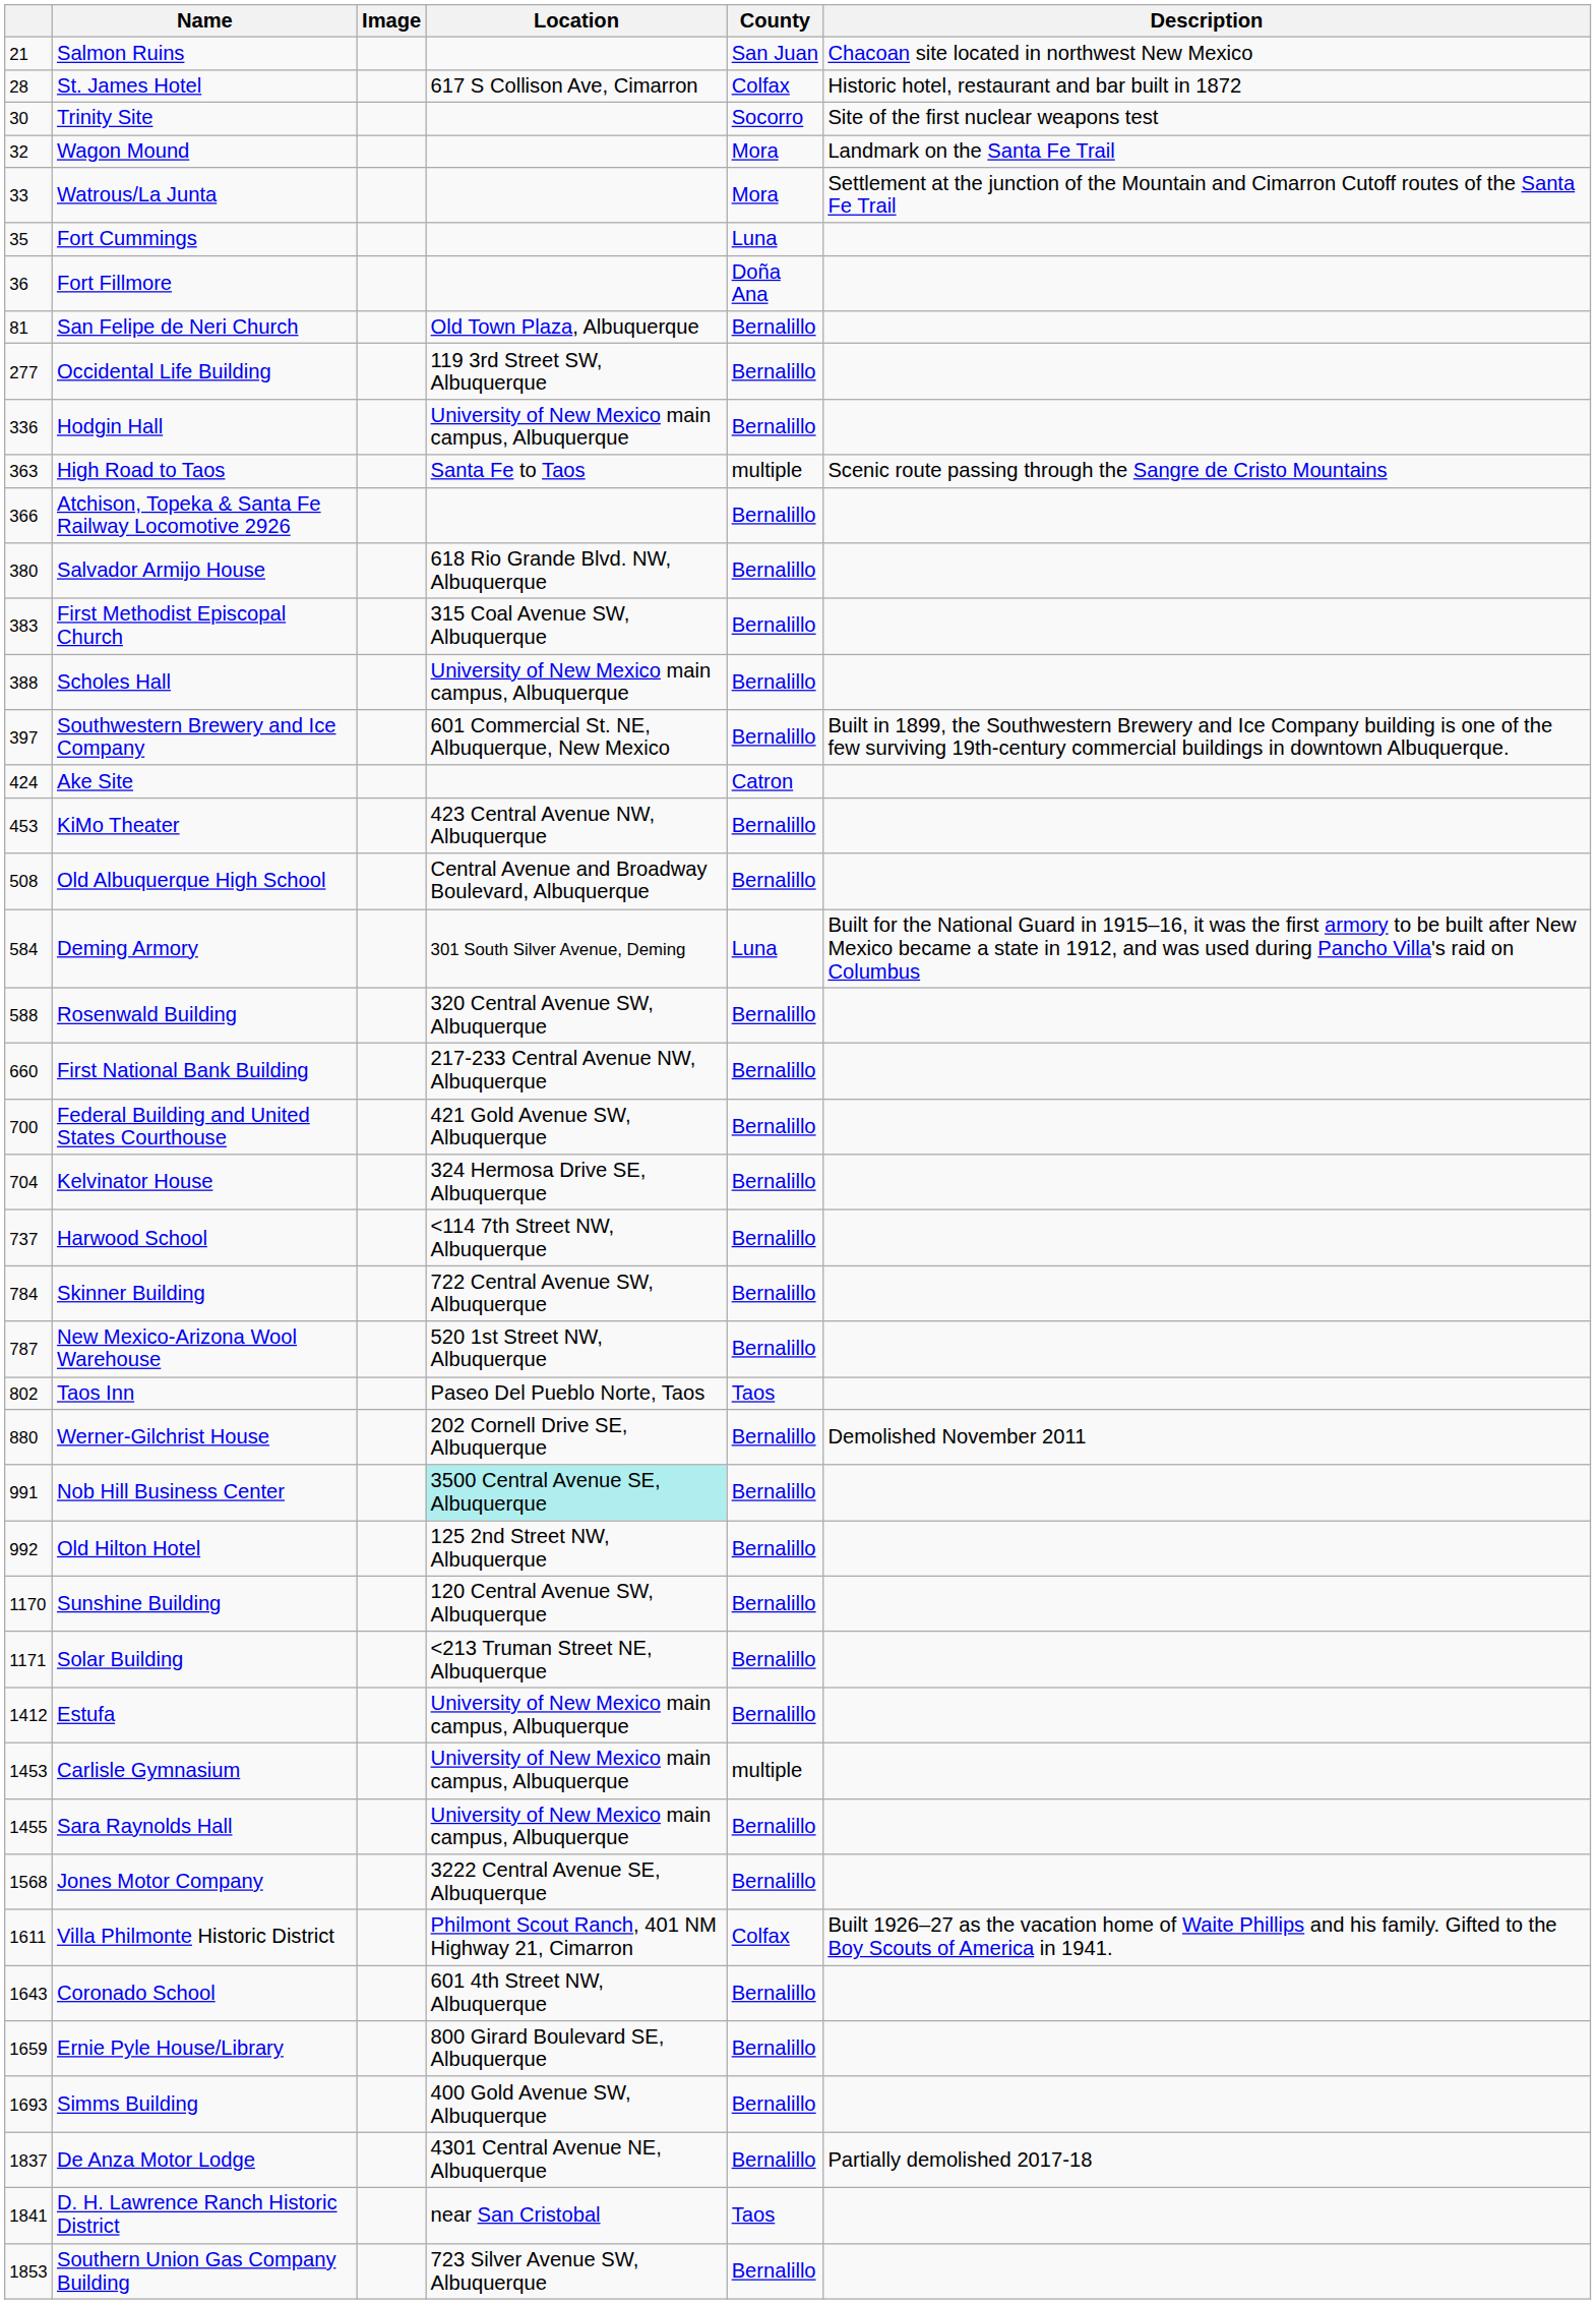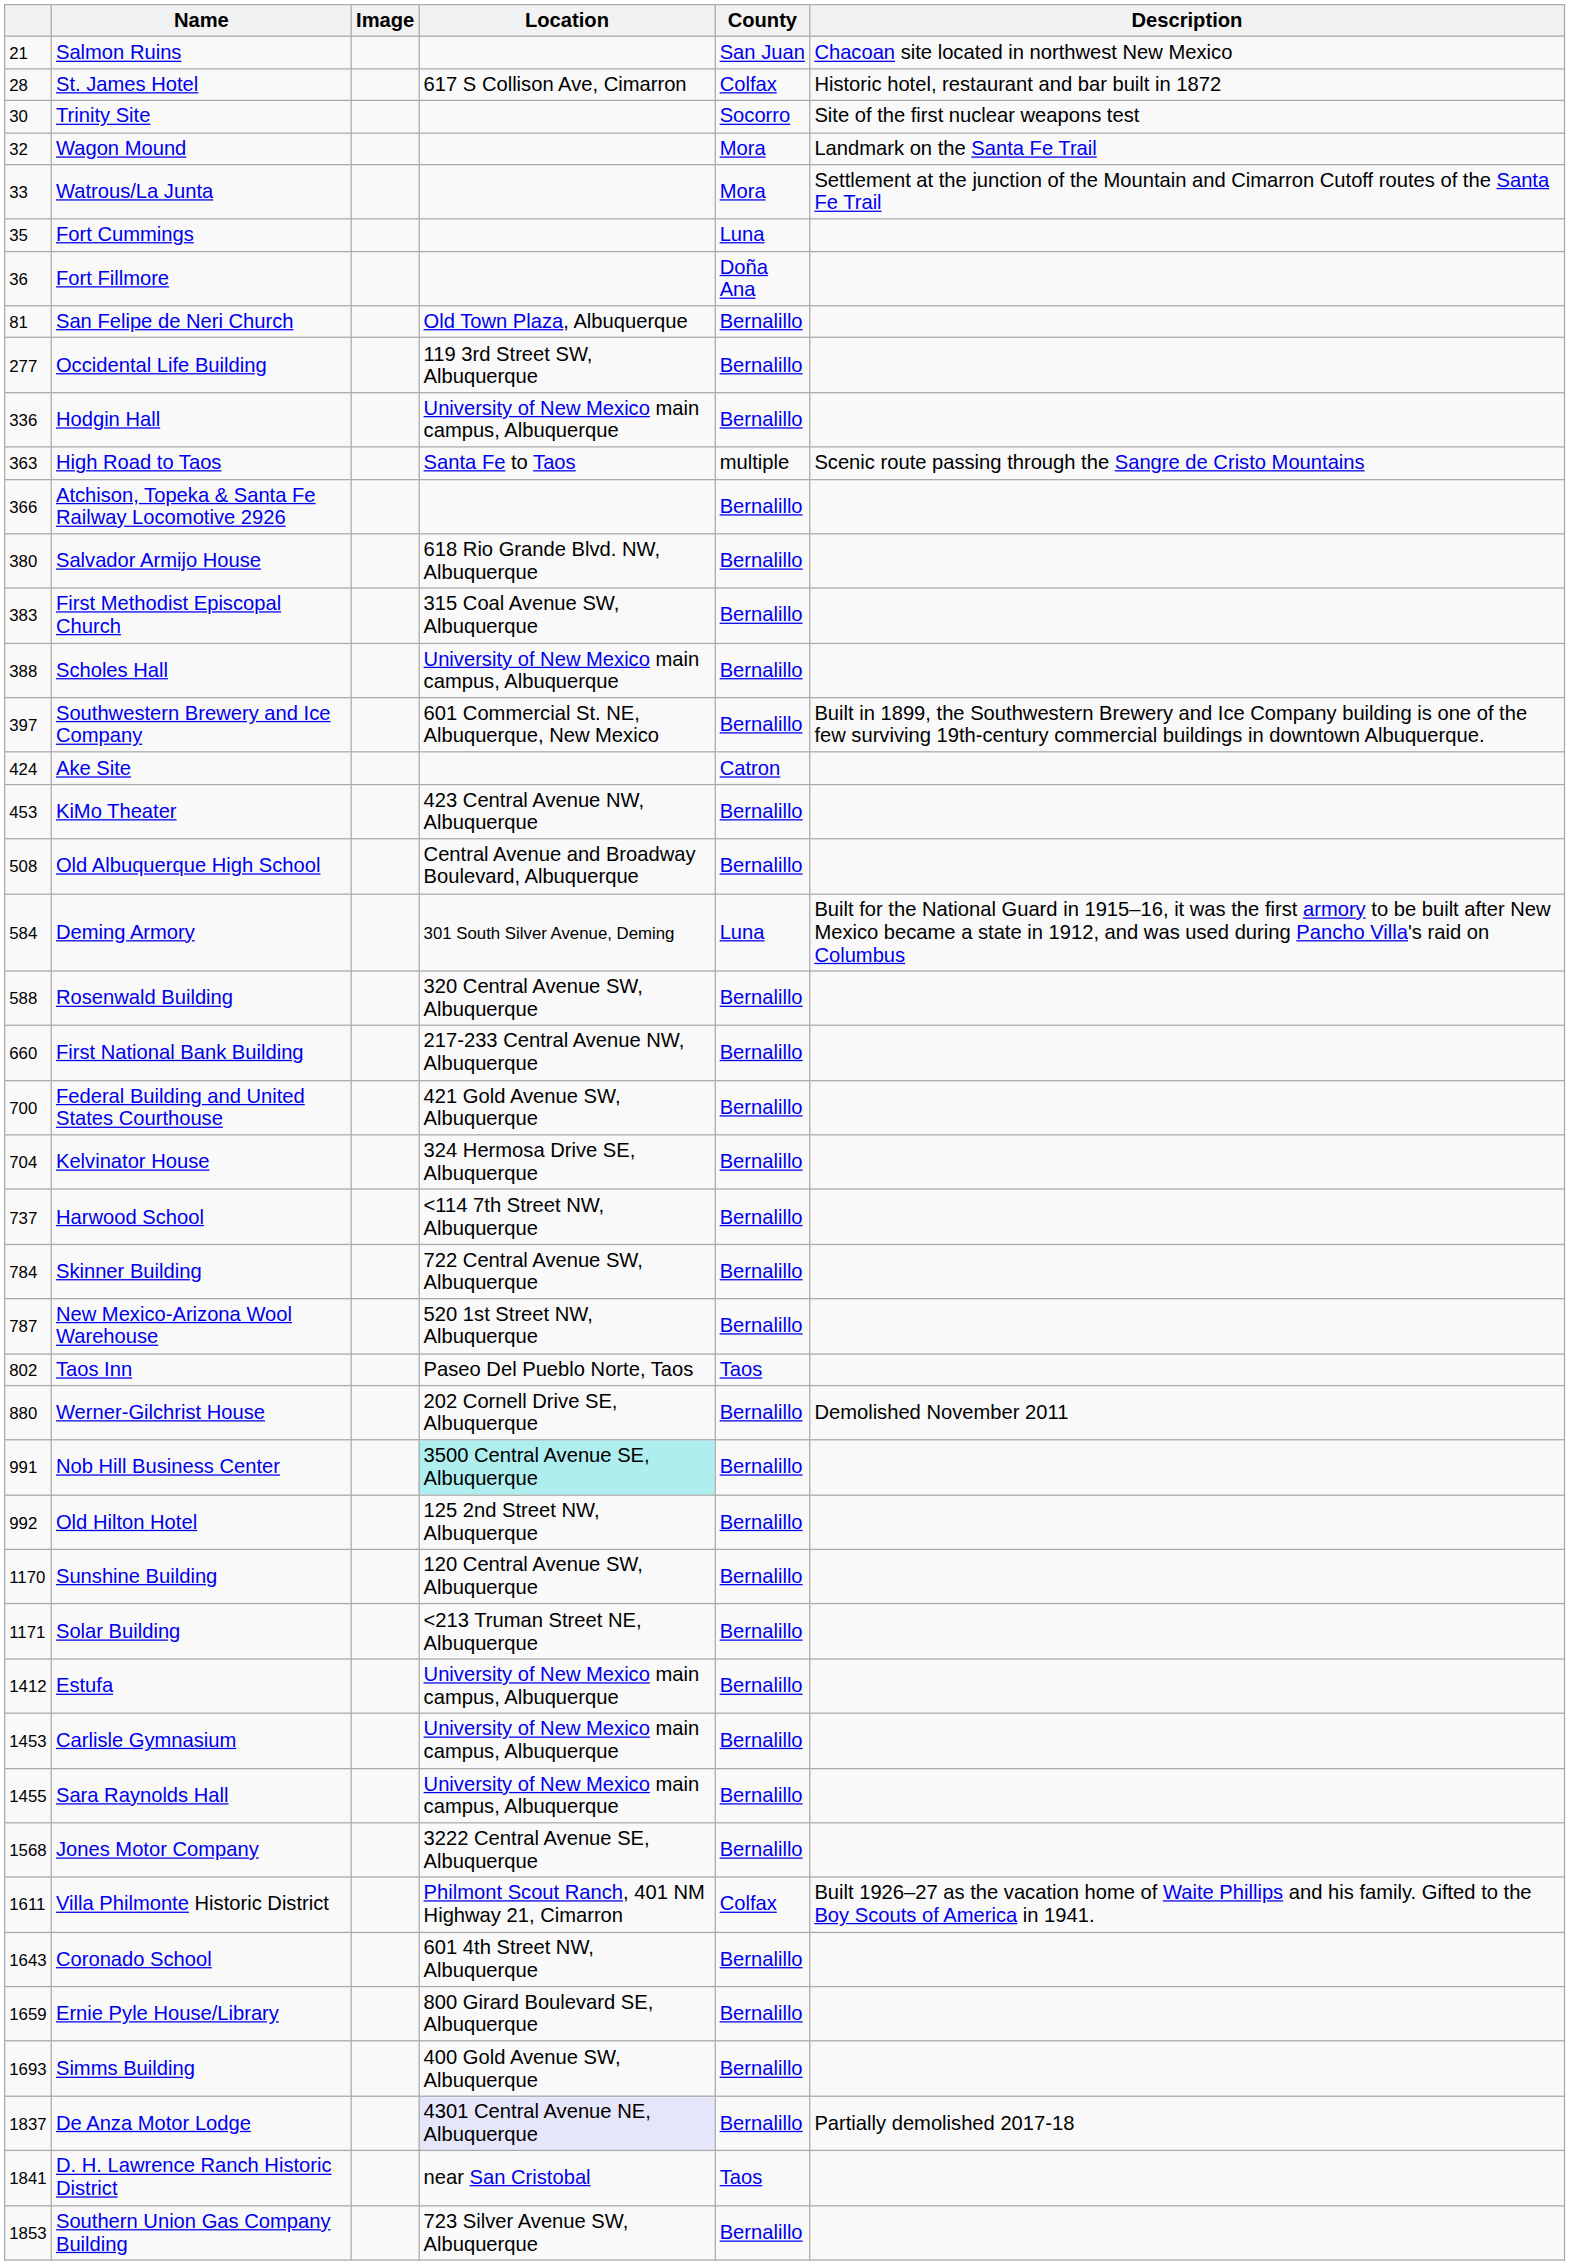 <table class="wikitable sortable" style="width:98%">
 <tr>
 <th style="background-color:"></th>
 <th style="background-color:">Name</th>
 <th style="background-color:">Image</th>
 <th style="background-color:">Location</th>
 <th style="background-color:">County</th>
 <th style="background-color:">Description</th>
 </tr>
 <tr>
 <td><small>21</small></td>
 <td><a href='#'>Salmon Ruins</a></td>
 <td></td>
 <td><small></small></td>
 <td><a href='#'>San Juan</a></td>
 <td><a href='#'>Chacoan</a> site located in northwest New Mexico</td>
 </tr>
 <tr>
 <td><small>28</small></td>
 <td><a href='#'>St. James Hotel</a></td>
 <td></td>
 <td>617 S Collison Ave, Cimarron</td>
 <td><a href='#'>Colfax</a></td>
 <td>Historic hotel, restaurant and bar built in 1872</td>
 </tr>
 <tr>
 <td><small>30</small></td>
 <td><a href='#'>Trinity Site</a></td>
 <td></td>
 <td><small></small></td>
 <td><a href='#'>Socorro</a></td>
 <td>Site of the first nuclear weapons test</td>
 </tr>
 <tr>
 <td><small>32</small></td>
 <td><a href='#'>Wagon Mound</a></td>
 <td></td>
 <td><small></small></td>
 <td><a href='#'>Mora</a></td>
 <td>Landmark on the <a href='#'>Santa Fe Trail</a></td>
 </tr>
 <tr>
 <td><small>33</small></td>
 <td><a href='#'>Watrous/La Junta</a></td>
 <td></td>
 <td><small></small></td>
 <td><a href='#'>Mora</a></td>
 <td>Settlement at the junction of the Mountain and Cimarron Cutoff routes of the <a href='#'>Santa Fe Trail</a></td>
 </tr>
 <tr>
 <td><small>35</small></td>
 <td><a href='#'>Fort Cummings</a></td>
 <td></td>
 <td><small></small></td>
 <td><a href='#'>Luna</a></td>
 <td></td>
 </tr>
 <tr>
 <td><small>36</small></td>
 <td><a href='#'>Fort Fillmore</a></td>
 <td></td>
 <td><small></small></td>
 <td><a href='#'>Doña Ana</a></td>
 <td></td>
 </tr>
 <tr>
 <td><small>81</small></td>
 <td><a href='#'>San Felipe de Neri Church</a></td>
 <td></td>
 <td><a href='#'>Old Town Plaza</a>, Albuquerque<br><small></small></td>
 <td><a href='#'>Bernalillo</a></td>
 <td></td>
 </tr>
 <tr>
 <td><small>277</small></td>
 <td><a href='#'>Occidental Life Building</a></td>
 <td></td>
 <td>119 3rd Street SW, Albuquerque</td>
 <td><a href='#'>Bernalillo</a></td>
 <td></td>
 </tr>
 <tr>
 <td><small>336</small></td>
 <td><a href='#'>Hodgin Hall</a></td>
 <td></td>
 <td><a href='#'>University of New Mexico</a> main campus, Albuquerque<br><small></small></td>
 <td><a href='#'>Bernalillo</a></td>
 <td></td>
 </tr>
 <tr>
 <td><small>363</small></td>
 <td><a href='#'>High Road to Taos</a></td>
 <td></td>
 <td><a href='#'>Santa Fe</a> to <a href='#'>Taos</a><br><small></small></td>
 <td>multiple</td>
 <td>Scenic route passing through the <a href='#'>Sangre de Cristo Mountains</a></td>
 </tr>
 <tr>
 <td><small>366</small></td>
 <td><a href='#'>Atchison, Topeka & Santa Fe Railway Locomotive 2926</a></td>
 <td></td>
 <td></td>
 <td><a href='#'>Bernalillo</a></td>
 <td></td>
 </tr>
 <tr>
 <td><small>380</small></td>
 <td><a href='#'>Salvador Armijo House</a></td>
 <td></td>
 <td>618 Rio Grande Blvd. NW, Albuquerque<br><small></small></td>
 <td><a href='#'>Bernalillo</a></td>
 <td></td>
 </tr>
 <tr>
 <td><small>383</small></td>
 <td><a href='#'>First Methodist Episcopal Church</a></td>
 <td></td>
 <td>315 Coal Avenue SW, Albuquerque</td>
 <td><a href='#'>Bernalillo</a></td>
 <td></td>
 </tr>
 <tr>
 <td><small>388</small></td>
 <td><a href='#'>Scholes Hall</a></td>
 <td></td>
 <td><a href='#'>University of New Mexico</a> main campus, Albuquerque<br><small></small></td>
 <td><a href='#'>Bernalillo</a></td>
 <td></td>
 </tr>
 <tr>
 <td><small>397</small></td>
 <td><a href='#'>Southwestern Brewery and Ice Company</a></td>
 <td></td>
 <td>601 Commercial St. NE, Albuquerque, New Mexico<br><small></small></td>
 <td><a href='#'>Bernalillo</a></td>
 <td>Built in 1899, the Southwestern Brewery and Ice Company building is one of the few surviving 19th-century commercial buildings in downtown Albuquerque.</td>
 </tr>
 <tr>
 <td><small>424</small></td>
 <td><a href='#'>Ake Site</a></td>
 <td></td>
 <td></td>
 <td><a href='#'>Catron</a></td>
 <td></td>
 </tr>
 <tr>
 <td><small>453</small></td>
 <td><a href='#'>KiMo Theater</a></td>
 <td></td>
 <td>423 Central Avenue NW, Albuquerque</td>
 <td><a href='#'>Bernalillo</a></td>
 <td></td>
 </tr>
 <tr>
 <td><small>508</small></td>
 <td><a href='#'>Old Albuquerque High School</a></td>
 <td></td>
 <td>Central Avenue and Broadway Boulevard, Albuquerque</td>
 <td><a href='#'>Bernalillo</a></td>
 <td></td>
 </tr>
 <tr>
 <td><small>584</small></td>
 <td><a href='#'>Deming Armory</a></td>
 <td></td>
 <td><small>301 South Silver Avenue, Deming<br></small></td>
 <td><a href='#'>Luna</a></td>
 <td>Built for the National Guard in 1915–16, it was the first <a href='#'>armory</a> to be built after New Mexico became a state in 1912, and was used during <a href='#'>Pancho Villa</a>'s raid on <a href='#'>Columbus</a></td>
 </tr>
 <tr>
 <td><small>588</small></td>
 <td><a href='#'>Rosenwald Building</a></td>
 <td></td>
 <td>320 Central Avenue SW, Albuquerque</td>
 <td><a href='#'>Bernalillo</a></td>
 <td></td>
 </tr>
 <tr>
 <td><small>660</small></td>
 <td><a href='#'>First National Bank Building</a></td>
 <td></td>
 <td>217-233 Central Avenue NW, Albuquerque</td>
 <td><a href='#'>Bernalillo</a></td>
 <td></td>
 </tr>
 <tr>
 <td><small>700</small></td>
 <td><a href='#'>Federal Building and United States Courthouse</a></td>
 <td></td>
 <td>421 Gold Avenue SW, Albuquerque</td>
 <td><a href='#'>Bernalillo</a></td>
 <td></td>
 </tr>
 <tr>
 <td><small>704</small></td>
 <td><a href='#'>Kelvinator House</a></td>
 <td></td>
 <td>324 Hermosa Drive SE, Albuquerque</td>
 <td><a href='#'>Bernalillo</a></td>
 <td></td>
 </tr>
 <tr>
 <td><small>737</small></td>
 <td><a href='#'>Harwood School</a></td>
 <td></td>
 <td><114 7th Street NW, Albuquerque</td>
 <td><a href='#'>Bernalillo</a></td>
 <td></td>
 </tr>
 <tr>
 <td><small>784</small></td>
 <td><a href='#'>Skinner Building</a></td>
 <td></td>
 <td>722 Central Avenue SW, Albuquerque</td>
 <td><a href='#'>Bernalillo</a></td>
 <td></td>
 </tr>
 <tr>
 <td><small>787</small></td>
 <td><a href='#'>New Mexico-Arizona Wool Warehouse</a></td>
 <td></td>
 <td>520 1st Street NW, Albuquerque</td>
 <td><a href='#'>Bernalillo</a></td>
 <td></td>
 </tr>
 <tr>
 <td><small>802</small></td>
 <td><a href='#'>Taos Inn</a></td>
 <td></td>
 <td>Paseo Del Pueblo Norte, Taos</td>
 <td><a href='#'>Taos</a></td>
 <td></td>
 </tr>
 <tr>
 <td><small>880</small></td>
 <td><a href='#'>Werner-Gilchrist House</a></td>
 <td></td>
 <td>202 Cornell Drive SE, Albuquerque</td>
 <td><a href='#'>Bernalillo</a></td>
 <td>Demolished November 2011</td>
 </tr>
 <tr>
 <td><small>991</small></td>
 <td><a href='#'>Nob Hill Business Center</a></td>
 <td></td>
 <td style="background: paleturquoise;">3500 Central Avenue SE, Albuquerque</td>
 <td><a href='#'>Bernalillo</a></td>
 <td></td>
 </tr>
 <tr>
 <td><small>992</small></td>
 <td><a href='#'>Old Hilton Hotel</a></td>
 <td></td>
 <td>125 2nd Street NW, Albuquerque</td>
 <td><a href='#'>Bernalillo</a></td>
 <td></td>
 </tr>
 <tr>
 <td><small>1170</small></td>
 <td><a href='#'>Sunshine Building</a></td>
 <td></td>
 <td>120 Central Avenue SW, Albuquerque<br><small></small></td>
 <td><a href='#'>Bernalillo</a></td>
 <td></td>
 </tr>
 <tr>
 <td><small>1171</small></td>
 <td><a href='#'>Solar Building</a></td>
 <td></td>
 <td><213 Truman Street NE, Albuquerque</td>
 <td><a href='#'>Bernalillo</a></td>
 <td></td>
 </tr>
 <tr>
 <td><small>1412</small></td>
 <td><a href='#'>Estufa</a></td>
 <td></td>
 <td><a href='#'>University of New Mexico</a> main campus, Albuquerque<br><small></small></td>
 <td><a href='#'>Bernalillo</a></td>
 <td></td>
 </tr>
 <tr>
 <td><small>1453</small></td>
 <td><a href='#'>Carlisle Gymnasium</a></td>
 <td></td>
 <td><a href='#'>University of New Mexico</a> main campus, Albuquerque<br><small></small></td>
-<td>multiple</td>
+<td><a href='#'>Bernalillo</a></td>
 <td></td>
 </tr>
 <tr>
 <td><small>1455</small></td>
 <td><a href='#'>Sara Raynolds Hall</a></td>
 <td></td>
 <td><a href='#'>University of New Mexico</a> main campus, Albuquerque<br></td>
 <td><a href='#'>Bernalillo</a></td>
 <td></td>
 </tr>
 <tr>
 <td><small>1568</small></td>
 <td><a href='#'>Jones Motor Company</a></td>
 <td></td>
 <td>3222 Central Avenue SE, Albuquerque</td>
 <td><a href='#'>Bernalillo</a></td>
 <td></td>
 </tr>
 <tr>
 <td><small>1611</small></td>
 <td><a href='#'>Villa Philmonte</a> Historic District</td>
 <td></td>
 <td><a href='#'>Philmont Scout Ranch</a>, 401 NM Highway 21, Cimarron</td>
 <td><a href='#'>Colfax</a></td>
 <td>Built 1926–27 as the vacation home of <a href='#'>Waite Phillips</a> and his family. Gifted to the <a href='#'>Boy Scouts of America</a> in 1941.</td>
 </tr>
 <tr>
 <td><small>1643</small></td>
 <td><a href='#'>Coronado School</a></td>
 <td></td>
 <td>601 4th Street NW, Albuquerque</td>
 <td><a href='#'>Bernalillo</a></td>
 <td></td>
 </tr>
 <tr>
 <td><small>1659</small></td>
 <td><a href='#'>Ernie Pyle House/Library</a></td>
 <td></td>
 <td>800 Girard Boulevard SE, Albuquerque</td>
 <td><a href='#'>Bernalillo</a></td>
 <td></td>
 </tr>
 <tr>
 <td><small>1693</small></td>
 <td><a href='#'>Simms Building</a></td>
 <td></td>
 <td>400 Gold Avenue SW, Albuquerque<br></td>
 <td><a href='#'>Bernalillo</a></td>
 <td></td>
 </tr>
 <tr>
 <td><small>1837</small></td>
 <td><a href='#'>De Anza Motor Lodge</a></td>
 <td></td>
-<td>4301 Central Avenue NE, Albuquerque</td>
+<td style="background: lavender;">4301 Central Avenue NE, Albuquerque</td>
 <td><a href='#'>Bernalillo</a></td>
 <td>Partially demolished 2017-18</td>
 </tr>
 <tr>
 <td><small>1841</small></td>
 <td><a href='#'>D. H. Lawrence Ranch Historic District</a></td>
 <td></td>
 <td>near <a href='#'>San Cristobal</a> <br><small></small></td>
 <td><a href='#'>Taos</a></td>
 <td></td>
 </tr>
 <tr>
 <td><small>1853</small></td>
 <td><a href='#'>Southern Union Gas Company Building</a></td>
 <td></td>
 <td>723 Silver Avenue SW, Albuquerque</td>
 <td><a href='#'>Bernalillo</a></td>
 <td></td>
 </tr>
 </table>
